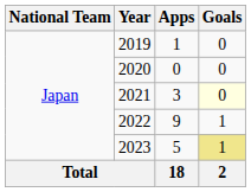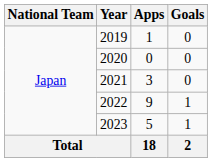 <table class="wikitable" style="text-align:center">
 <tr>
 <th>National Team</th>
 <th>Year</th>
 <th>Apps</th>
 <th>Goals</th>
 </tr>
 <tr>
 <td rowspan="5"><a href='#'>Japan</a></td>
 <td>2019</td>
 <td>1</td>
 <td>0</td>
 </tr>
 <tr>
 <td>2020</td>
 <td>0</td>
 <td>0</td>
 </tr>
 <tr>
 <td>2021</td>
 <td>3</td>
-<td style="background: lightyellow;">0</td>
+<td>0</td>
 </tr>
 <tr>
 <td>2022</td>
 <td>9</td>
 <td>1</td>
 </tr>
 <tr>
 <td>2023</td>
 <td>5</td>
-<td style="background: khaki;">1</td>
+<td>1</td>
 </tr>
 <tr>
 <th colspan="2">Total</th>
 <th>18</th>
 <th>2</th>
 </tr>
 </table>
